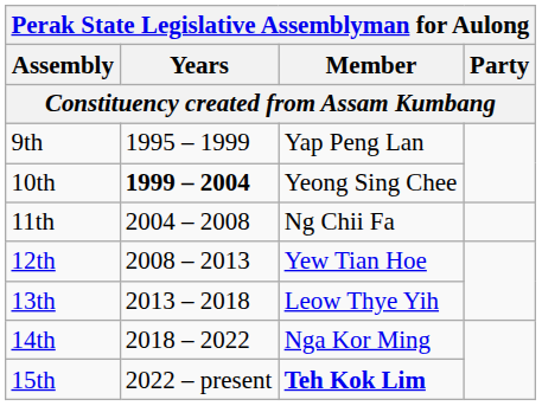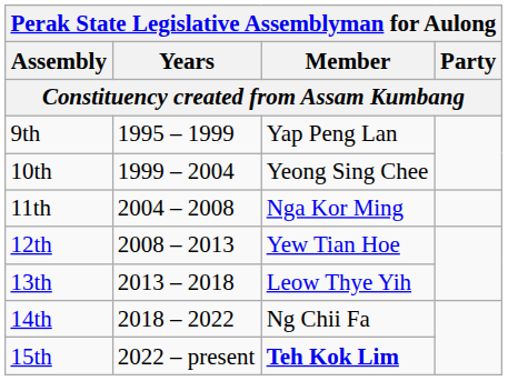 <table class="wikitable">
 <tr>
 <th colspan="4"><a href='#'>Perak State Legislative Assemblyman</a> for Aulong</th>
 </tr>
 <tr>
 <th>Assembly</th>
 <th>Years</th>
 <th>Member</th>
 <th>Party</th>
 </tr>
 <tr>
 <th colspan="4" align="center"><em>Constituency created from Assam Kumbang</em></th>
 </tr>
 <tr>
 <td>9th</td>
 <td>1995 – 1999</td>
 <td>Yap Peng Lan</td>
 <td rowspan="2"></td>
 </tr>
 <tr>
 <td>10th</td>
-<td><strong>1999 – 2004</strong></td>
+<td>1999 – 2004</td>
 <td>Yeong Sing Chee</td>
 </tr>
 <tr>
 <td>11th</td>
 <td>2004 – 2008</td>
-<td>Ng Chii Fa</td>
+<td><a href='#'>Nga Kor Ming</a></td>
 <td></td>
 </tr>
 <tr>
 <td><a href='#'>12th</a></td>
 <td>2008 – 2013</td>
 <td><a href='#'>Yew Tian Hoe</a></td>
 <td rowspan="2"></td>
 </tr>
 <tr>
 <td><a href='#'>13th</a></td>
 <td>2013 – 2018</td>
 <td><a href='#'>Leow Thye Yih</a></td>
 </tr>
 <tr>
 <td><a href='#'>14th</a></td>
 <td>2018 – 2022</td>
-<td><a href='#'>Nga Kor Ming</a></td>
+<td>Ng Chii Fa</td>
 <td rowspan="2"></td>
 </tr>
 <tr>
 <td><a href='#'>15th</a></td>
 <td>2022 – present</td>
 <td><strong><a href='#'>Teh Kok Lim</a></strong></td>
 </tr>
 </table>
